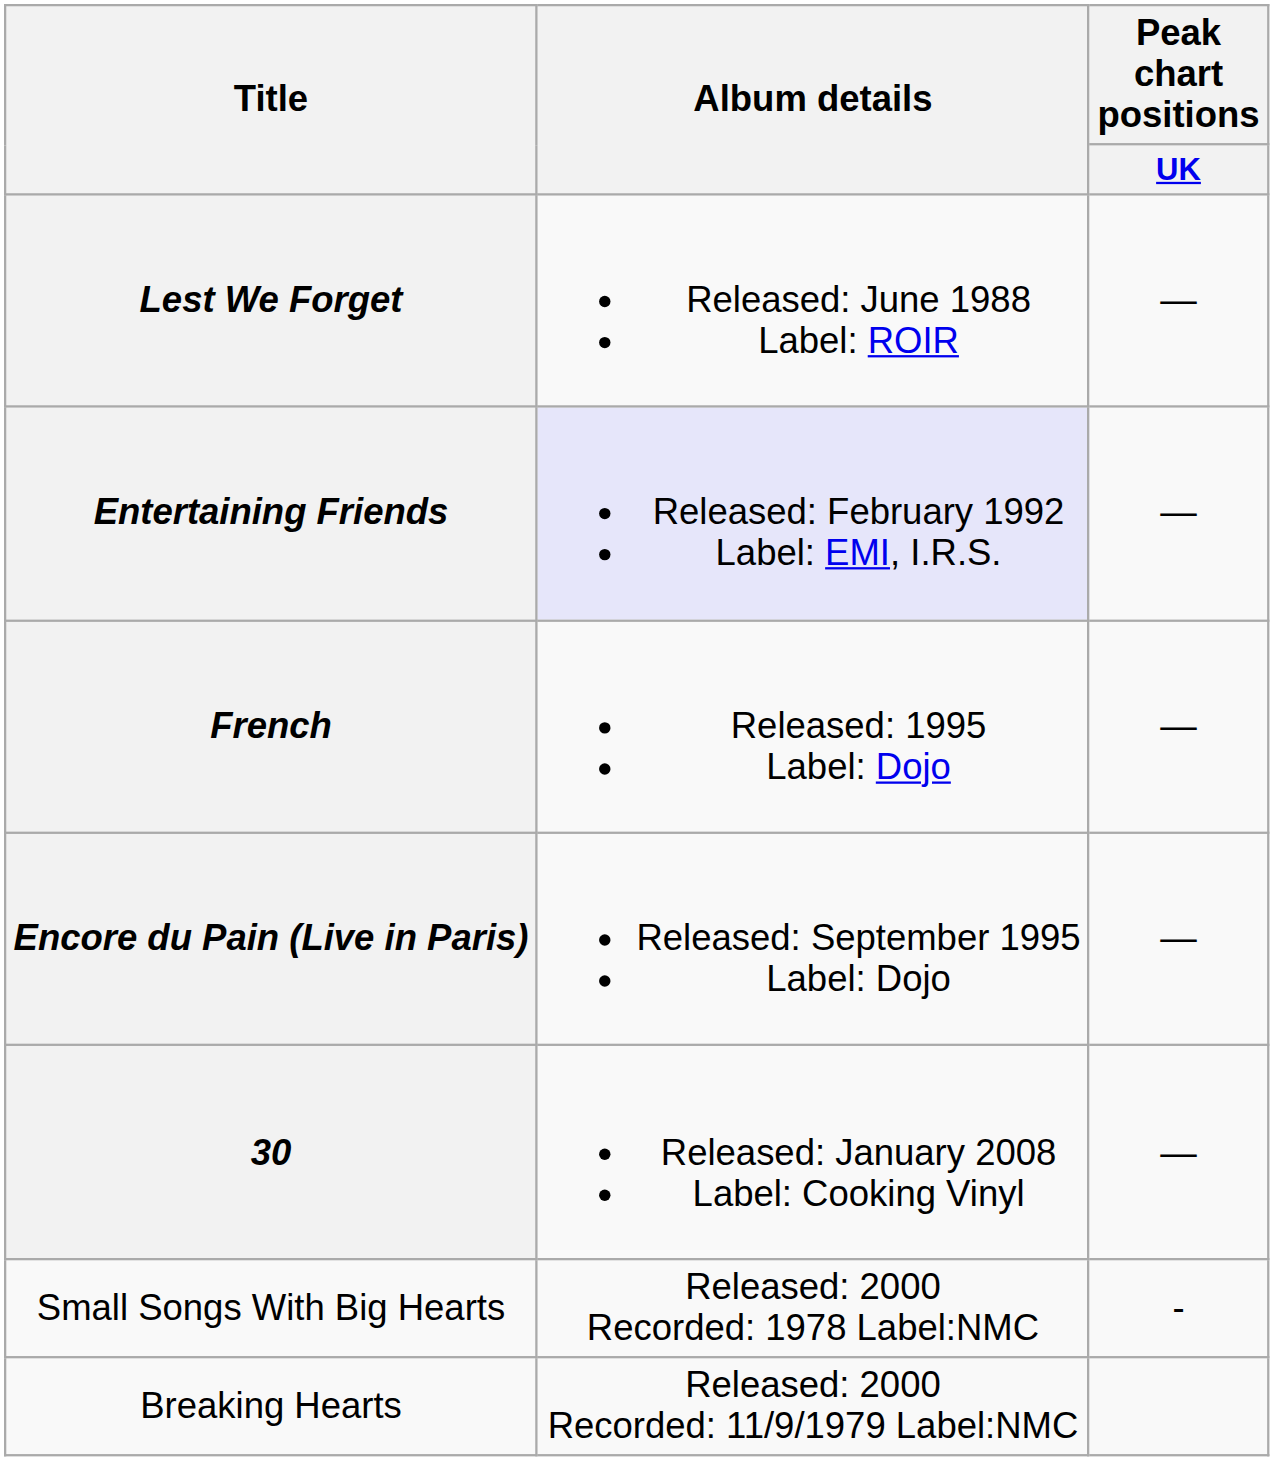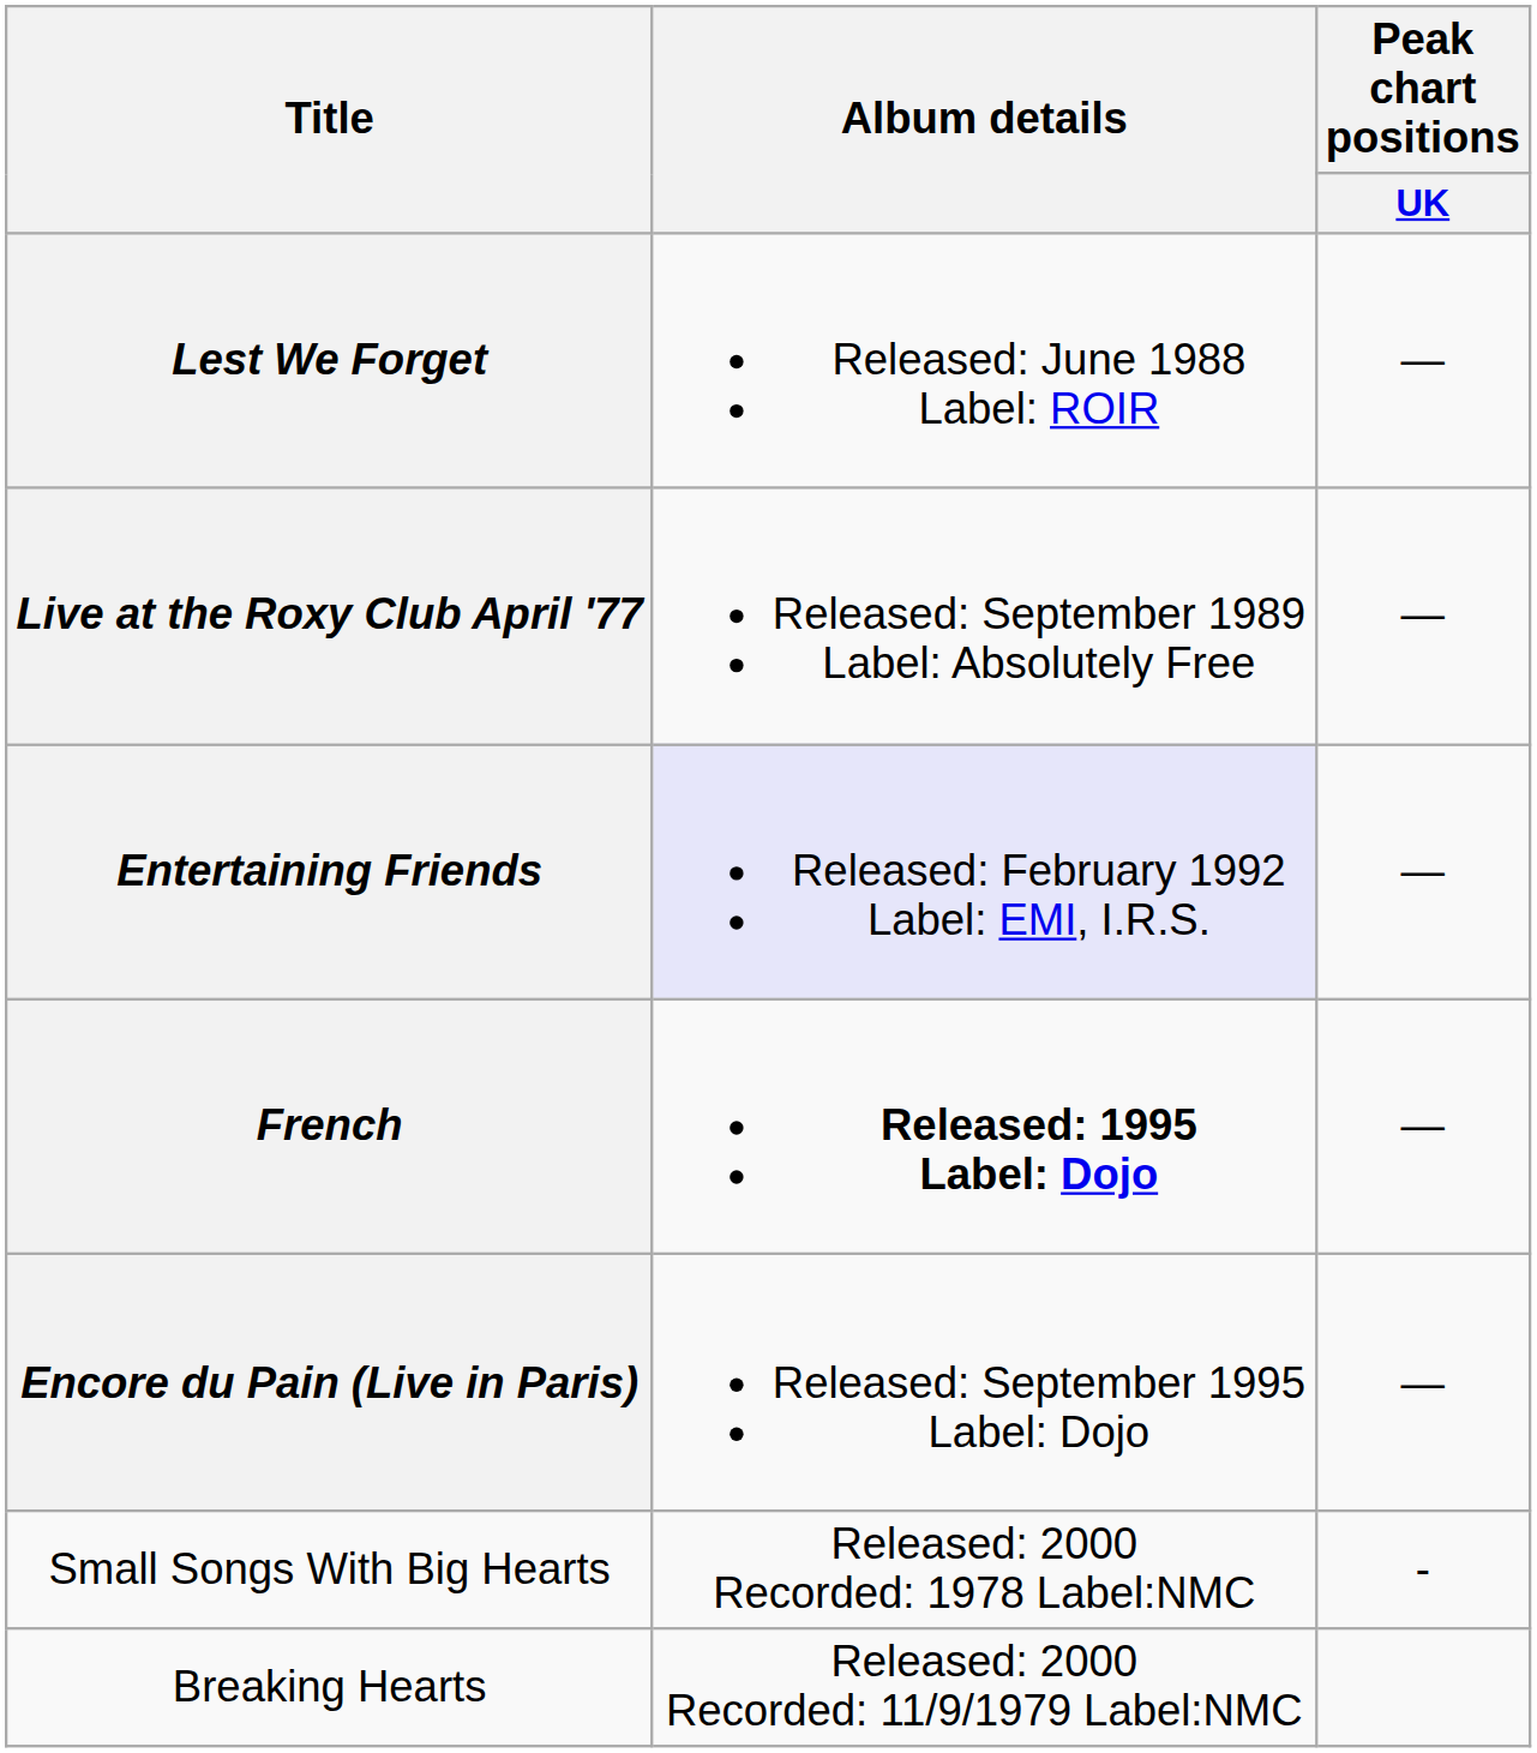 <table class="wikitable plainrowheaders" style="text-align:center;">
 <tr>
 <th rowspan="2">Title</th>
 <th rowspan="2">Album details</th>
 <th colspan="1">Peak chart positions</th>
 </tr>
 <tr>
 <th style="width:3em;font-size:85%"><a href='#'>UK</a><br></th>
 </tr>
 <tr>
 <th scope="row"><em>Lest We Forget</em></th>
 <td><br><ul><li>Released: June 1988</li><li>Label: <a href='#'>ROIR</a></li></ul></td>
 <td>—</td>
 </tr>
 <tr>
+<th scope="row"><em>Live at the Roxy Club April '77</em></th>
+<td><br><ul><li>Released: September 1989</li><li>Label: Absolutely Free</li></ul></td>
+<td>—</td>
+</tr>
+<tr>
 <th scope="row"><em>Entertaining Friends</em></th>
 <td style="background: lavender;"><br><ul><li>Released: February 1992</li><li>Label: <a href='#'>EMI</a>, I.R.S.</li></ul></td>
 <td>—</td>
 </tr>
 <tr>
 <th scope="row"><em>French</em></th>
-<td><br><ul><li>Released: 1995</li><li>Label: <a href='#'>Dojo</a></li></ul></td>
+<td><strong><br><ul><li>Released: 1995</li><li>Label: <a href='#'>Dojo</a></li></ul></strong></td>
 <td>—</td>
 </tr>
 <tr>
 <th scope="row"><em>Encore du Pain (Live in Paris)</em></th>
 <td><br><ul><li>Released: September 1995</li><li>Label: Dojo</li></ul></td>
-<td>—</td>
-</tr>
-<tr>
-<th scope="row"><em>30</em></th>
-<td><br><ul><li>Released: January 2008</li><li>Label: Cooking Vinyl</li></ul></td>
 <td>—</td>
 </tr>
 <tr>
 <td>Small Songs With Big Hearts</td>
 <td>Released: 2000<br>Recorded: 1978 Label:NMC</td>
 <td>-</td>
 </tr>
 <tr>
 <td>Breaking Hearts</td>
 <td>Released: 2000<br>Recorded: 11/9/1979 Label:NMC</td>
 <td></td>
 </tr>
 </table>
